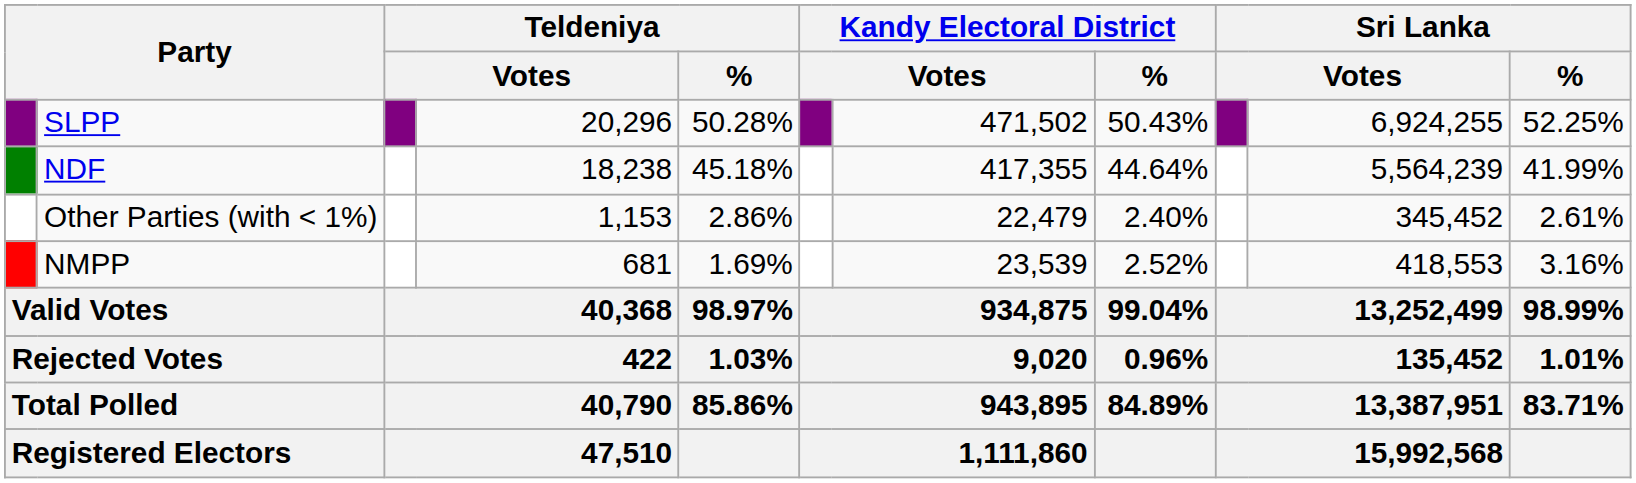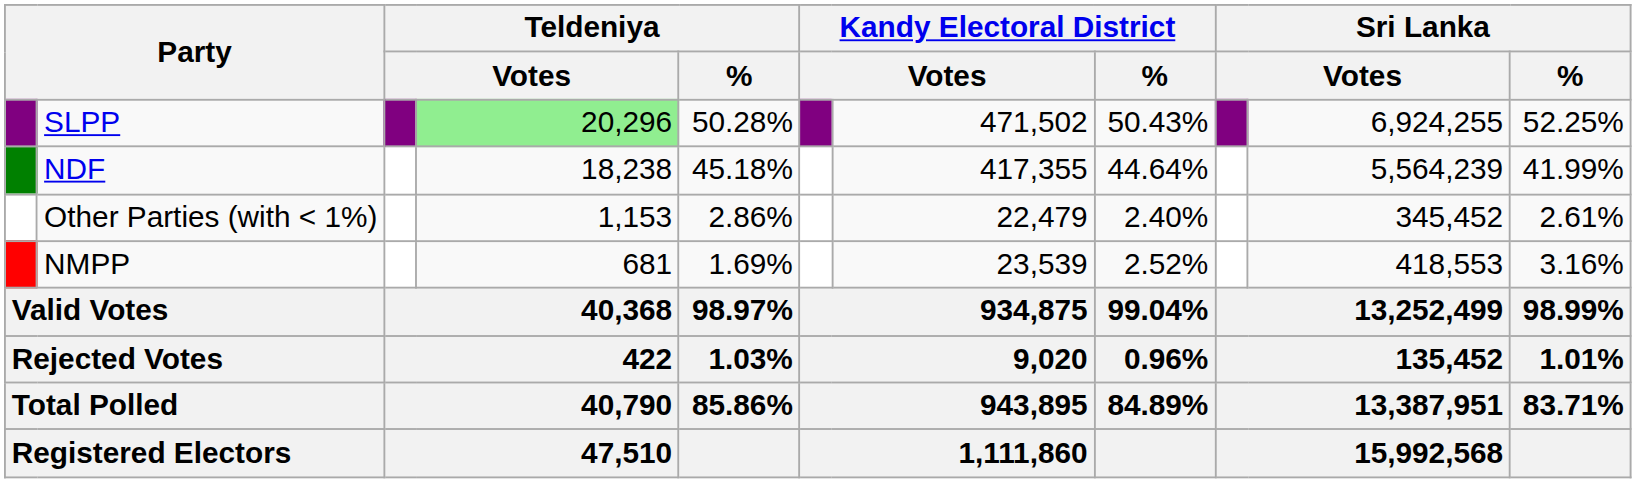 <table class="wikitable">
 <tr>
 <th colspan="2" width="144px"rowspan="2">Party</th>
 <th colspan="3" width="216px">Teldeniya</th>
 <th colspan="3" width="216px"><a href='#'>Kandy Electoral District</a></th>
 <th colspan="3" width="216px">Sri Lanka</th>
 </tr>
 <tr>
 <th colspan="2" width="144px">Votes</th>
 <th>%</th>
 <th colspan="2" width="144px">Votes</th>
 <th>%</th>
 <th colspan="2" width="144px">Votes</th>
 <th>%</th>
 </tr>
 <tr>
 <td style="background-color:purple;" width="10px"></td>
 <td style="text-align:left;"><a href='#'>SLPP</a></td>
 <td style="background-color:purple;" width="10px"></td>
-<td style="text-align:right;">20,296</td>
+<td style="background: lightgreen; text-align:right;">20,296</td>
 <td style="text-align:right;">50.28%</td>
 <td style="background-color:purple;" width="10px"></td>
 <td style="text-align:right;">471,502</td>
 <td style="text-align:right;">50.43%</td>
 <td style="background-color:purple;" width="10px"></td>
 <td style="text-align:right;">6,924,255</td>
 <td style="text-align:right;">52.25%</td>
 </tr>
 <tr>
 <td style="background-color:green;" width="10px"></td>
 <td style="text-align:left;"><a href='#'>NDF</a></td>
 <td style="background-color:white;" width="10px"></td>
 <td style="text-align:right;">18,238</td>
 <td style="text-align:right;">45.18%</td>
 <td style="background-color:white;" width="10px"></td>
 <td style="text-align:right;">417,355</td>
 <td style="text-align:right;">44.64%</td>
 <td style="background-color:white;" width="10px"></td>
 <td style="text-align:right;">5,564,239</td>
 <td style="text-align:right;">41.99%</td>
 </tr>
 <tr>
 <td style="background-color:white;" width="10px"></td>
 <td style="text-align:left;">Other Parties (with < 1%)</td>
 <td style="background-color:white;" width="10px"></td>
 <td style="text-align:right;">1,153</td>
 <td style="text-align:right;">2.86%</td>
 <td style="background-color:white;" width="10px"></td>
 <td style="text-align:right;">22,479</td>
 <td style="text-align:right;">2.40%</td>
 <td style="background-color:white;" width="10px"></td>
 <td style="text-align:right;">345,452</td>
 <td style="text-align:right;">2.61%</td>
 </tr>
 <tr>
 <td style="background-color:red;" width="10px"></td>
 <td style="text-align:left;">NMPP</td>
 <td style="background-color:white;" width="10px"></td>
 <td style="text-align:right;">681</td>
 <td style="text-align:right;">1.69%</td>
 <td style="background-color:white;" width="10px"></td>
 <td style="text-align:right;">23,539</td>
 <td style="text-align:right;">2.52%</td>
 <td style="background-color:white;" width="10px"></td>
 <td style="text-align:right;">418,553</td>
 <td style="text-align:right;">3.16%</td>
 </tr>
 <tr>
 <th colspan="2" width="144px"style="text-align:left;">Valid Votes</th>
 <th style="text-align:right;"colspan="2" width="144px">40,368</th>
 <th style="text-align:right;">98.97%</th>
 <th style="text-align:right;"colspan="2" width="144px">934,875</th>
 <th style="text-align:right;">99.04%</th>
 <th style="text-align:right;"colspan="2" width="144px">13,252,499</th>
 <th style="text-align:right;">98.99%</th>
 </tr>
 <tr>
 <th colspan="2" width="144px"style="text-align:left;">Rejected Votes</th>
 <th style="text-align:right;"colspan="2" width="144px">422</th>
 <th style="text-align:right;">1.03%</th>
 <th style="text-align:right;"colspan="2" width="144px">9,020</th>
 <th style="text-align:right;">0.96%</th>
 <th style="text-align:right;"colspan="2" width="144px">135,452</th>
 <th style="text-align:right;">1.01%</th>
 </tr>
 <tr>
 <th colspan="2" width="144px"style="text-align:left;">Total Polled</th>
 <th style="text-align:right;"colspan="2" width="144px">40,790</th>
 <th style="text-align:right;">85.86%</th>
 <th style="text-align:right;"colspan="2" width="144px">943,895</th>
 <th style="text-align:right;">84.89%</th>
 <th style="text-align:right;"colspan="2" width="144px">13,387,951</th>
 <th style="text-align:right;">83.71%</th>
 </tr>
 <tr>
 <th colspan="2" width="144px"style="text-align:left;">Registered Electors</th>
 <th style="text-align:right;"colspan="2" width="144px">47,510</th>
 <th></th>
 <th style="text-align:right;"colspan="2" width="144px">1,111,860</th>
 <th></th>
 <th style="text-align:right;"colspan="2" width="144px">15,992,568</th>
 <th></th>
 </tr>
 </table>
